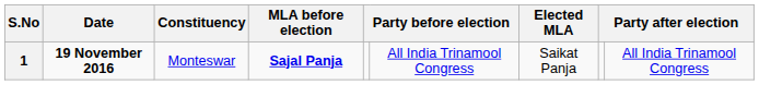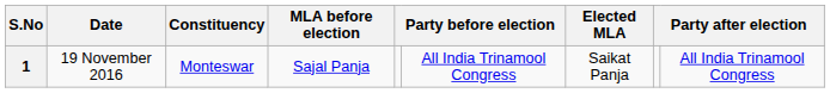 <table class="wikitable sortable" style="text-align:center;">
 <tr>
 <th>S.No</th>
 <th>Date</th>
 <th>Constituency</th>
 <th>MLA before election</th>
 <th colspan="2">Party before election</th>
 <th>Elected MLA</th>
 <th colspan="2">Party after election</th>
 </tr>
 <tr>
 <th>1</th>
-<td><strong>19 November 2016</strong></td>
+<td>19 November 2016</td>
 <td><a href='#'>Monteswar</a></td>
-<td><strong><a href='#'>Sajal Panja</a></strong></td>
+<td><a href='#'>Sajal Panja</a></td>
 <td></td>
 <td><a href='#'>All India Trinamool Congress</a></td>
 <td>Saikat Panja</td>
 <td></td>
 <td><a href='#'>All India Trinamool Congress</a></td>
 </tr>
 </table>
